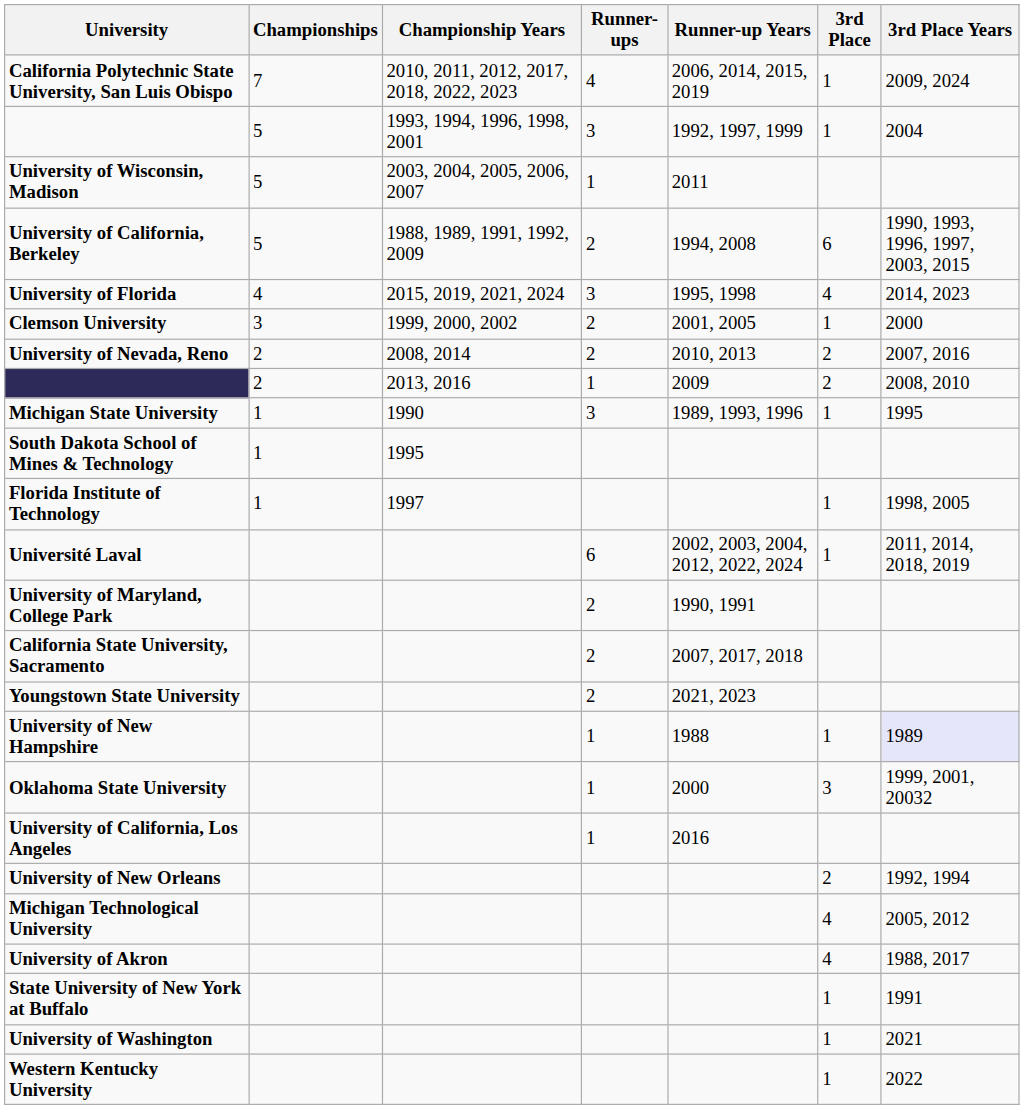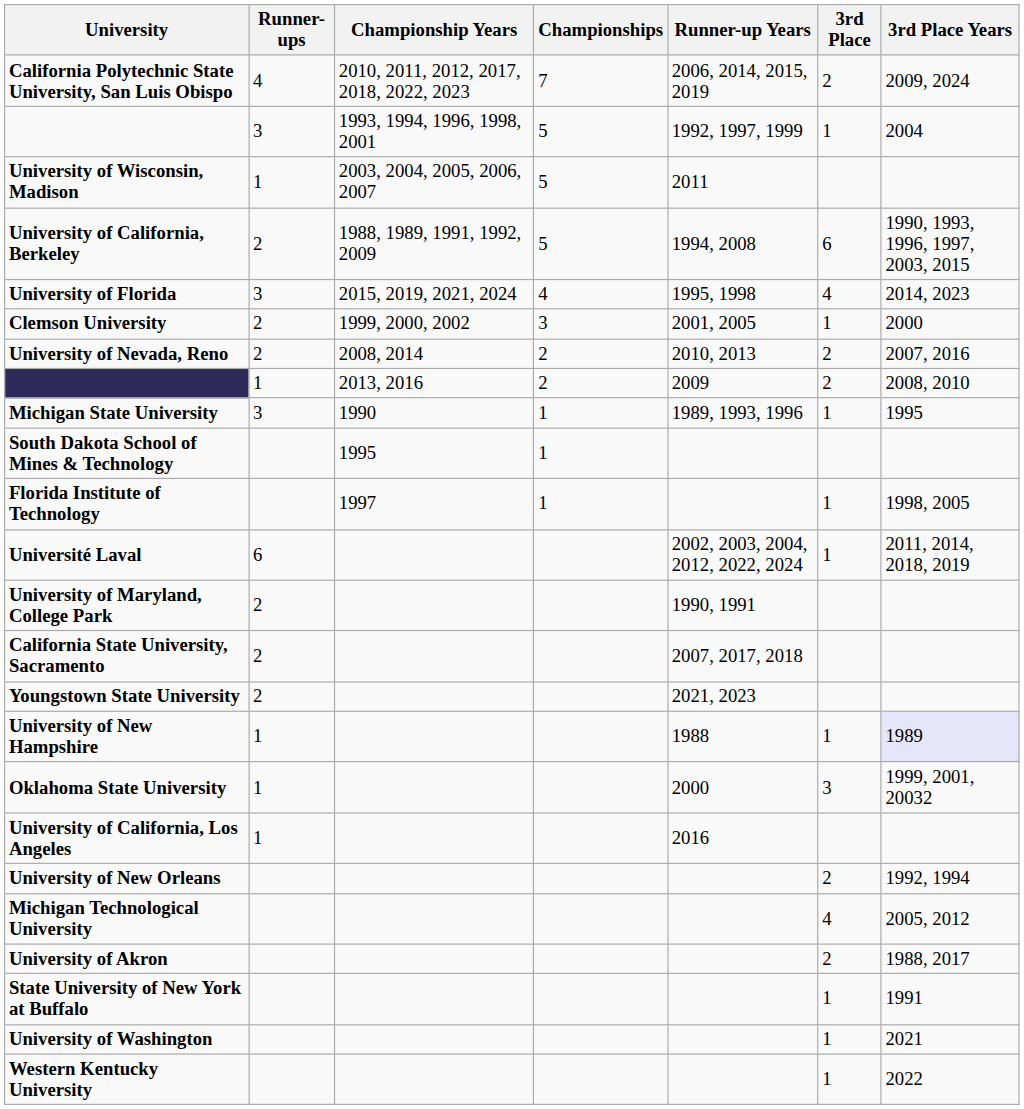 <table class="wikitable">
 <tr>
 <th>University</th>
+<th>Runner-ups</th>
+<th>Championship Years</th>
 <th>Championships</th>
-<th>Championship Years</th>
-<th>Runner-ups</th>
 <th>Runner-up Years</th>
 <th>3rd Place</th>
 <th>3rd Place Years</th>
 </tr>
 <tr>
 <td><strong>California Polytechnic State University, San Luis Obispo</strong></td>
+<td>4</td>
+<td>2010, 2011, 2012, 2017, 2018, 2022, 2023</td>
 <td>7</td>
-<td>2010, 2011, 2012, 2017, 2018, 2022, 2023</td>
-<td>4</td>
 <td>2006, 2014, 2015, 2019</td>
-<td>1</td>
+<td>2</td>
 <td>2009, 2024</td>
 </tr>
 <tr>
 <td><strong></strong></td>
+<td>3</td>
+<td>1993, 1994, 1996, 1998, 2001</td>
 <td>5</td>
-<td>1993, 1994, 1996, 1998, 2001</td>
-<td>3</td>
 <td>1992, 1997, 1999</td>
 <td>1</td>
 <td>2004</td>
 </tr>
 <tr>
 <td><strong>University of Wisconsin, Madison</strong></td>
+<td>1</td>
+<td>2003, 2004, 2005, 2006, 2007</td>
 <td>5</td>
-<td>2003, 2004, 2005, 2006, 2007</td>
-<td>1</td>
 <td>2011</td>
 <td></td>
 <td></td>
 </tr>
 <tr>
 <td><strong>University of California, Berkeley</strong></td>
+<td>2</td>
+<td>1988, 1989, 1991, 1992, 2009</td>
 <td>5</td>
-<td>1988, 1989, 1991, 1992, 2009</td>
-<td>2</td>
 <td>1994, 2008</td>
 <td>6</td>
 <td>1990, 1993, 1996, 1997, 2003, 2015</td>
 </tr>
 <tr>
 <td><strong>University of Florida</strong></td>
+<td>3</td>
+<td>2015, 2019, 2021, 2024</td>
 <td>4</td>
-<td>2015, 2019, 2021, 2024</td>
-<td>3</td>
 <td>1995, 1998</td>
 <td>4</td>
 <td>2014, 2023</td>
 </tr>
 <tr>
 <td><strong>Clemson University</strong></td>
+<td>2</td>
+<td>1999, 2000, 2002</td>
 <td>3</td>
-<td>1999, 2000, 2002</td>
-<td>2</td>
 <td>2001, 2005</td>
 <td>1</td>
 <td>2000</td>
 </tr>
 <tr>
 <td><strong>University of Nevada, Reno</strong></td>
 <td>2</td>
 <td>2008, 2014</td>
 <td>2</td>
 <td>2010, 2013</td>
 <td>2</td>
 <td>2007, 2016</td>
 </tr>
 <tr>
 <td style="background: #2d2959"><strong></strong></td>
+<td>1</td>
+<td>2013, 2016</td>
 <td>2</td>
-<td>2013, 2016</td>
-<td>1</td>
 <td>2009</td>
 <td>2</td>
 <td>2008, 2010</td>
 </tr>
 <tr>
 <td><strong>Michigan State University</strong></td>
+<td>3</td>
+<td>1990</td>
 <td>1</td>
-<td>1990</td>
-<td>3</td>
 <td>1989, 1993, 1996</td>
 <td>1</td>
 <td>1995</td>
 </tr>
 <tr>
 <td><strong>South Dakota School of Mines & Technology</strong></td>
+<td></td>
+<td>1995</td>
 <td>1</td>
-<td>1995</td>
-<td></td>
 <td></td>
 <td></td>
 <td></td>
 </tr>
 <tr>
 <td><strong>Florida Institute of Technology</strong></td>
+<td></td>
+<td>1997</td>
 <td>1</td>
-<td>1997</td>
-<td></td>
 <td></td>
 <td>1</td>
 <td>1998, 2005</td>
 </tr>
 <tr>
 <td><strong>Université Laval</strong></td>
+<td>6</td>
 <td></td>
 <td></td>
-<td>6</td>
 <td>2002, 2003, 2004, 2012, 2022, 2024</td>
 <td>1</td>
 <td>2011, 2014, 2018, 2019</td>
 </tr>
 <tr>
 <td><strong>University of Maryland, College Park</strong></td>
+<td>2</td>
 <td></td>
 <td></td>
-<td>2</td>
 <td>1990, 1991</td>
 <td></td>
 <td></td>
 </tr>
 <tr>
 <td><strong>California State University, Sacramento</strong></td>
+<td>2</td>
 <td></td>
 <td></td>
-<td>2</td>
 <td>2007, 2017, 2018</td>
 <td></td>
 <td></td>
 </tr>
 <tr>
 <td><strong>Youngstown State University</strong></td>
+<td>2</td>
 <td></td>
 <td></td>
-<td>2</td>
 <td>2021, 2023</td>
 <td></td>
 <td></td>
 </tr>
 <tr>
 <td><strong>University of New Hampshire</strong></td>
+<td>1</td>
 <td></td>
 <td></td>
-<td>1</td>
 <td>1988</td>
 <td>1</td>
 <td style="background: lavender;">1989</td>
 </tr>
 <tr>
 <td><strong>Oklahoma State University</strong></td>
+<td>1</td>
 <td></td>
 <td></td>
-<td>1</td>
 <td>2000</td>
 <td>3</td>
 <td>1999, 2001, 20032</td>
 </tr>
 <tr>
 <td><strong>University of California, Los Angeles</strong></td>
+<td>1</td>
 <td></td>
 <td></td>
-<td>1</td>
 <td>2016</td>
 <td></td>
 <td></td>
 </tr>
 <tr>
 <td><strong>University of New Orleans</strong></td>
 <td></td>
 <td></td>
 <td></td>
 <td></td>
 <td>2</td>
 <td>1992, 1994</td>
 </tr>
 <tr>
 <td><strong>Michigan Technological University</strong></td>
 <td></td>
 <td></td>
 <td></td>
 <td></td>
 <td>4</td>
 <td>2005, 2012</td>
 </tr>
 <tr>
 <td><strong>University of Akron</strong></td>
 <td></td>
 <td></td>
 <td></td>
 <td></td>
-<td>4</td>
+<td>2</td>
 <td>1988, 2017</td>
 </tr>
 <tr>
 <td><strong>State University of New York at Buffalo</strong></td>
 <td></td>
 <td></td>
 <td></td>
 <td></td>
 <td>1</td>
 <td>1991</td>
 </tr>
 <tr>
 <td><strong>University of Washington</strong></td>
 <td></td>
 <td></td>
 <td></td>
 <td></td>
 <td>1</td>
 <td>2021</td>
 </tr>
 <tr>
 <td><strong>Western Kentucky University</strong></td>
 <td></td>
 <td></td>
 <td></td>
 <td></td>
 <td>1</td>
 <td>2022</td>
 </tr>
 </table>
